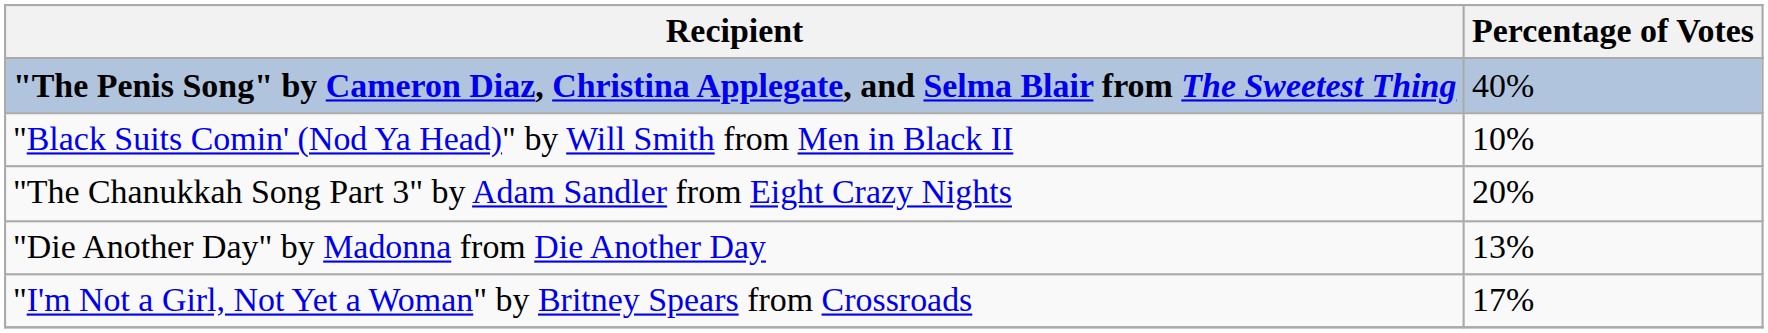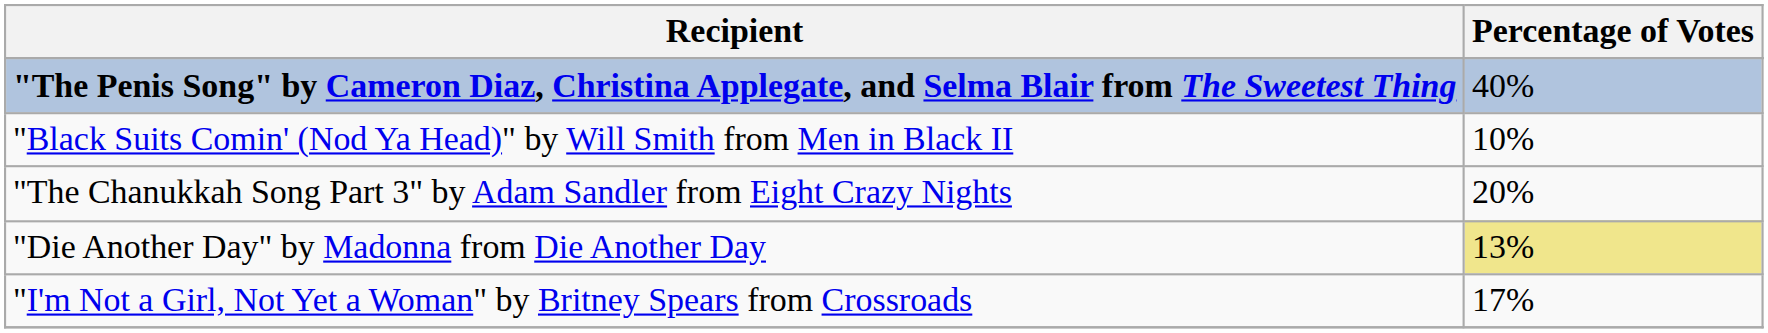 <table class="wikitable sortable plainrowheaders" align="centre">
 <tr>
 <th>Recipient</th>
 <th>Percentage of Votes</th>
 </tr>
 <tr>
 </tr>
 <tr style="background:#B0C4DE;">
 <td><strong>"The Penis Song" by <a href='#'>Cameron Diaz</a>, <a href='#'>Christina Applegate</a>, and <a href='#'>Selma Blair</a> from <em><a href='#'>The Sweetest Thing</a><strong><em></td>
 <td></strong>40%<strong></td>
 </tr>
 <tr>
 <td>"<a href='#'>Black Suits Comin' (Nod Ya Head)</a>" by <a href='#'>Will Smith</a> from </em><a href='#'>Men in Black II</a><em></td>
 <td>10%</td>
 </tr>
 <tr>
 <td>"The Chanukkah Song Part 3" by <a href='#'>Adam Sandler</a> from </em><a href='#'>Eight Crazy Nights</a><em></td>
 <td>20%</td>
 </tr>
 <tr>
 <td>"Die Another Day" by <a href='#'>Madonna</a> from </em><a href='#'>Die Another Day</a><em></td>
-<td>13%</td>
+<td style="background: khaki;">13%</td>
 </tr>
 <tr>
 <td>"<a href='#'>I'm Not a Girl, Not Yet a Woman</a>" by <a href='#'>Britney Spears</a> from </em><a href='#'>Crossroads</a><em></td>
 <td>17%</td>
 </tr>
 <tr>
 </tr>
 </table>
